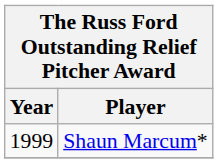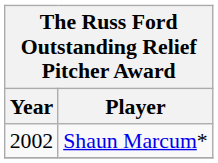 <table class="wikitable" style="display: inline-table; margin-right: 20px; text-align:center">
 <tr>
 <th scope="col" colspan="2" style="width: 145px;">The Russ Ford Outstanding Relief Pitcher Award</th>
 </tr>
 <tr>
 <th scope="col">Year</th>
 <th scope="col">Player</th>
 </tr>
 <tr>
-<td>1999</td>
+<td>2002</td>
 <td><a href='#'>Shaun Marcum</a>*</td>
 </tr>
 <tr>
 </tr>
 </table>
